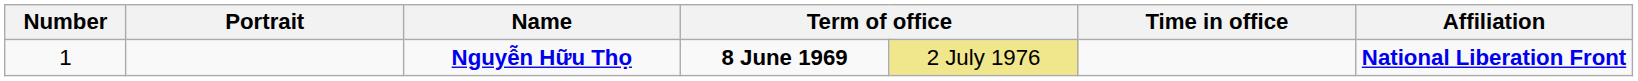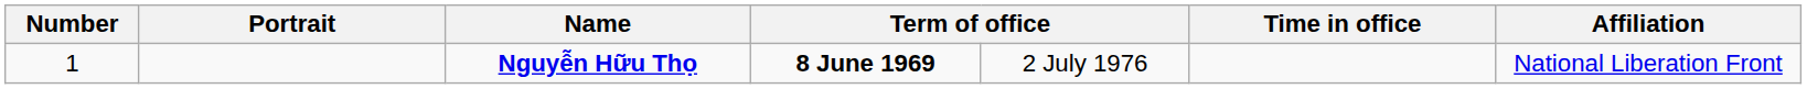 <table class="wikitable" width="74%">
 <tr>
 <th scope="col" style="width:5em;">Number</th>
 <th scope="col" style="width:12em;">Portrait</th>
 <th scope="col" style="width:12em;">Name<br></th>
 <th colspan="2" scope="col" style="width:12em;">Term of office</th>
 <th scope="col" style="width:12em;">Time in office</th>
 <th scope="col" style="width:12em;">Affiliation</th>
 </tr>
 <tr>
 <td align="center" style="background: ">1</td>
 <td align="center"></td>
 <td align="center" scope="row" style="font-weight:normal;"><strong><a href='#'>Nguyễn Hữu Thọ</a></strong><br></td>
 <td align="center"><strong>8 June 1969</strong></td>
-<td align="center" style="background: khaki;">2 July 1976</td>
+<td align="center">2 July 1976</td>
 <td align="center"></td>
-<td align="center"><strong><a href='#'>National Liberation Front</a></strong></td>
+<td align="center"><a href='#'>National Liberation Front</a></td>
 </tr>
 </table>
